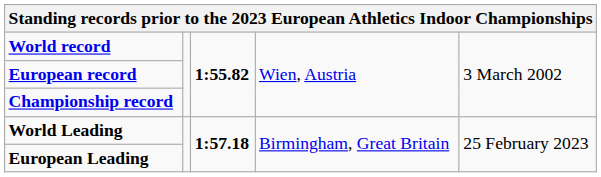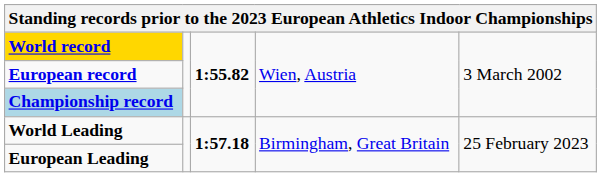 <table class="wikitable">
 <tr>
 <th colspan="5">Standing records prior to the 2023 European Athletics Indoor Championships</th>
 </tr>
 <tr>
-<td><strong><a href='#'>World record</a></strong></td>
+<td style="background: gold;"><strong><a href='#'>World record</a></strong></td>
 <td rowspan=3></td>
 <td rowspan=3><strong>1:55.82</strong></td>
 <td rowspan=3><a href='#'>Wien</a>, <a href='#'>Austria</a></td>
 <td rowspan=3>3 March 2002</td>
 </tr>
 <tr>
 <td><strong><a href='#'>European record</a></strong></td>
 </tr>
 <tr>
-<td><strong><a href='#'>Championship record</a></strong></td>
+<td style="background: lightblue;"><strong><a href='#'>Championship record</a></strong></td>
 </tr>
 <tr>
 <td><strong>World Leading</strong></td>
 <td rowspan=2></td>
 <td rowspan=2><strong>1:57.18</strong></td>
 <td rowspan=2><a href='#'>Birmingham</a>, <a href='#'>Great Britain</a></td>
 <td rowspan=2>25 February 2023</td>
 </tr>
 <tr>
 <td><strong>European Leading</strong></td>
 </tr>
 </table>
